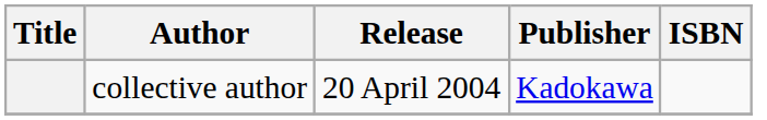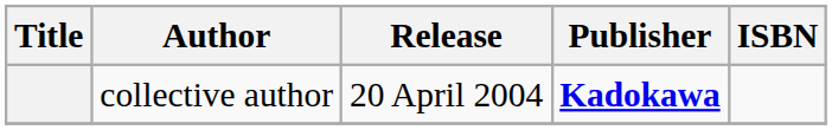 <table class=wikitable style="font-size:small">
 <tr>
 <th>Title</th>
 <th>Author</th>
 <th>Release</th>
 <th>Publisher</th>
 <th>ISBN</th>
 </tr>
 <tr>
 <th></th>
 <td>collective author</td>
 <td>20 April 2004</td>
-<td><a href='#'>Kadokawa</a></td>
+<td><strong><a href='#'>Kadokawa</a></strong></td>
 <td></td>
 </tr>
 <tr>
 </tr>
 </table>
